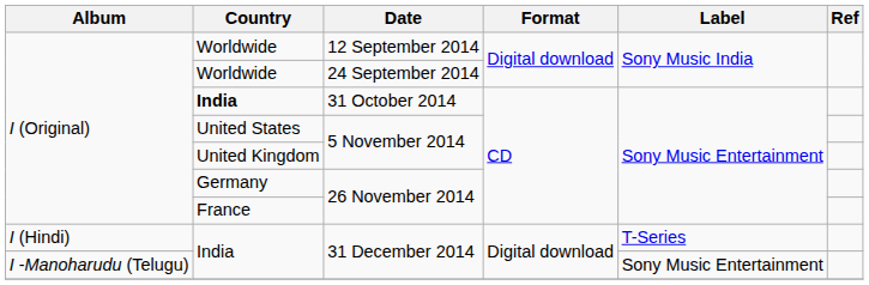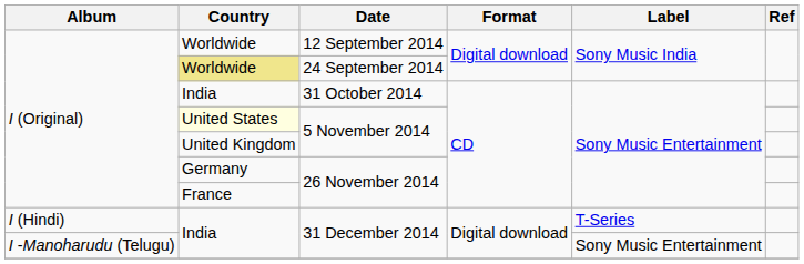 <table class="wikitable plainrowheaders">
 <tr>
 <th>Album</th>
 <th>Country</th>
 <th>Date</th>
 <th>Format</th>
 <th>Label</th>
 <th>Ref</th>
 </tr>
 <tr>
 <td rowspan="7"><em>I</em> (Original)</td>
 <td>Worldwide </td>
 <td>12 September 2014</td>
 <td rowspan="2"><a href='#'>Digital download</a></td>
 <td rowspan="2"><a href='#'>Sony Music India</a></td>
 <td rowspan="2"></td>
 </tr>
 <tr>
-<td>Worldwide </td>
+<td style="background: khaki;">Worldwide </td>
 <td>24 September  2014</td>
 </tr>
 <tr>
-<td><strong>India</strong></td>
+<td>India</td>
 <td>31 October 2014</td>
 <td rowspan="5"><a href='#'>CD</a></td>
 <td rowspan="5"><a href='#'>Sony Music Entertainment</a></td>
 <td></td>
 </tr>
 <tr>
-<td>United States</td>
+<td style="background: lightyellow;">United States</td>
 <td rowspan="2">5 November 2014</td>
 <td></td>
 </tr>
 <tr>
 <td>United Kingdom</td>
 <td></td>
 </tr>
 <tr>
 <td>Germany</td>
 <td rowspan="2">26 November 2014</td>
 <td></td>
 </tr>
 <tr>
 <td>France</td>
 <td></td>
 </tr>
 <tr>
 <td><em>I</em> (Hindi)</td>
 <td rowspan="2">India</td>
 <td rowspan="2">31 December 2014</td>
 <td rowspan="2">Digital download</td>
 <td><a href='#'>T-Series</a></td>
 <td></td>
 </tr>
 <tr>
 <td><em>I</em> -<em>Manoharudu</em> (Telugu)</td>
 <td>Sony Music Entertainment</td>
 <td></td>
 </tr>
 <tr>
 </tr>
 </table>
